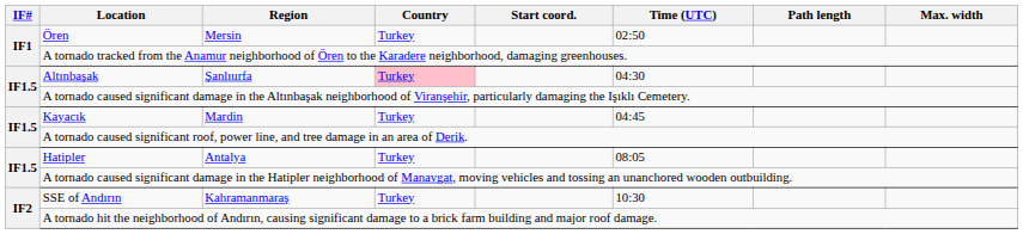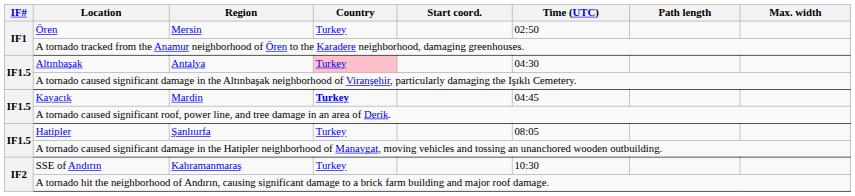 <table class="wikitable sortable" style="width:100%;">
 <tr>
 <th scope="col" width="2%" align="center"><a href='#'>IF#</a></th>
 <th scope="col" align="center" class="unsortable">Location</th>
 <th scope="col" align="center" class="unsortable">Region</th>
 <th scope="col" align="center">Country</th>
 <th scope="col" align="center">Start coord.</th>
 <th scope="col" align="center">Time (<a href='#'>UTC</a>)</th>
 <th scope="col" align="center">Path length</th>
 <th scope="col" align="center">Max. width</th>
 </tr>
 <tr>
 <th scope="row" rowspan="2" style="background-color:#">IF1</th>
 <td><a href='#'>Ören</a></td>
 <td><a href='#'>Mersin</a></td>
 <td><a href='#'>Turkey</a></td>
 <td></td>
 <td>02:50</td>
 <td></td>
 <td></td>
 </tr>
 <tr class="expand-child">
 <td colspan="8" style=" border-bottom: 1px solid black;">A tornado tracked from the <a href='#'>Anamur</a> neighborhood of <a href='#'>Ören</a> to the <a href='#'>Karadere</a> neighborhood, damaging greenhouses.</td>
 </tr>
 <tr>
 <th scope="row" rowspan="2" style="background-color:#">IF1.5</th>
 <td><a href='#'>Altınbaşak</a></td>
-<td><a href='#'>Şanlıurfa</a></td>
+<td><a href='#'>Antalya</a></td>
 <td style="background: pink;"><a href='#'>Turkey</a></td>
 <td></td>
 <td>04:30</td>
 <td></td>
 <td></td>
 </tr>
 <tr class="expand-child">
 <td colspan="8" style=" border-bottom: 1px solid black;">A tornado caused significant damage in the Altınbaşak neighborhood of <a href='#'>Viranşehir</a>, particularly damaging the Işıklı Cemetery.</td>
 </tr>
 <tr>
 <th scope="row" rowspan="2" style="background-color:#">IF1.5</th>
 <td><a href='#'>Kayacık</a></td>
 <td><a href='#'>Mardin</a></td>
-<td><a href='#'>Turkey</a></td>
+<td><strong><a href='#'>Turkey</a></strong></td>
 <td></td>
 <td>04:45</td>
 <td></td>
 <td></td>
 </tr>
 <tr class="expand-child">
 <td colspan="8" style=" border-bottom: 1px solid black;">A tornado caused significant roof, power line, and tree damage in an area of <a href='#'>Derik</a>.</td>
 </tr>
 <tr>
 <th scope="row" rowspan="2" style="background-color:#">IF1.5</th>
 <td><a href='#'>Hatipler</a></td>
-<td><a href='#'>Antalya</a></td>
+<td><a href='#'>Şanlıurfa</a></td>
 <td><a href='#'>Turkey</a></td>
 <td></td>
 <td>08:05</td>
 <td></td>
 <td></td>
 </tr>
 <tr class="expand-child">
 <td colspan="8" style=" border-bottom: 1px solid black;">A tornado caused significant damage in the Hatipler neighborhood of <a href='#'>Manavgat</a>, moving vehicles and tossing an unanchored wooden outbuilding.</td>
 </tr>
 <tr>
 <th scope="row" rowspan="2" style="background-color:#">IF2</th>
 <td>SSE of <a href='#'>Andırın</a></td>
 <td><a href='#'>Kahramanmaraş</a></td>
 <td><a href='#'>Turkey</a></td>
 <td></td>
 <td>10:30</td>
 <td></td>
 <td></td>
 </tr>
 <tr class="expand-child">
 <td colspan="8" style=" border-bottom: 1px solid black;">A tornado hit the  neighborhood of Andırın, causing significant damage to a brick farm building and major roof damage.</td>
 </tr>
 </table>
